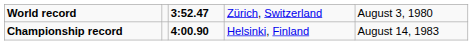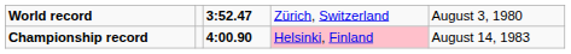 <table class="wikitable" width=75%>
 <tr>
 <td><strong>World record</strong></td>
 <td></td>
 <td><strong>3:52.47</strong></td>
 <td><a href='#'>Zürich</a>, <a href='#'>Switzerland</a></td>
 <td>August 3, 1980</td>
 </tr>
 <tr>
 <td><strong>Championship record</strong></td>
 <td></td>
 <td><strong>4:00.90</strong></td>
-<td><a href='#'>Helsinki</a>, <a href='#'>Finland</a></td>
+<td style="background: pink;"><a href='#'>Helsinki</a>, <a href='#'>Finland</a></td>
 <td>August 14, 1983</td>
 </tr>
 </table>
